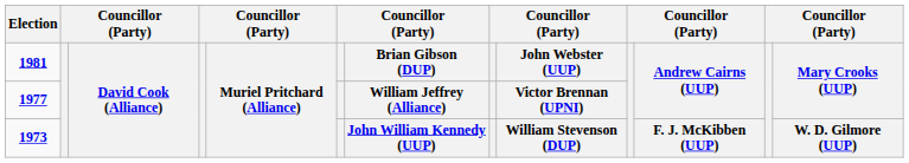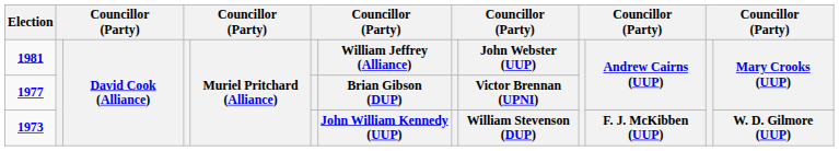 <table class="wikitable" style="text-align:center">
 <tr>
 <th scope="col" width="50">Election</th>
 <th scope="col" width="150" colspan = "2">Councillor<br> (Party)</th>
 <th scope="col" width="150" colspan = "2">Councillor<br> (Party)</th>
 <th scope="col" width="150" colspan = "2">Councillor<br> (Party)</th>
 <th scope="col" width="150" colspan = "2">Councillor<br> (Party)</th>
 <th scope="col" width="150" colspan = "2">Councillor<br> (Party)</th>
 <th scope="col" width="150" colspan = "2">Councillor<br> (Party)</th>
 </tr>
 <tr>
 <td><strong><a href='#'>1981</a></strong></td>
 <th rowspan="3" width="1" style="background-color: "></th>
 <th rowspan = "3"><a href='#'>David Cook</a> <br> (<a href='#'>Alliance</a>)</th>
 <th rowspan="3" width="1" style="background-color: "></th>
 <th rowspan = "3">Muriel Pritchard <br> (<a href='#'>Alliance</a>)</th>
 <th rowspan="1" width="1" style="background-color: "></th>
-<th rowspan = "1">Brian Gibson <br> (<a href='#'>DUP</a>)</th>
+<th rowspan = "1">William Jeffrey <br> (<a href='#'>Alliance</a>)</th>
 <th rowspan="1" width="1" style="background-color: "></th>
 <th rowspan = "1">John Webster <br> (<a href='#'>UUP</a>)</th>
 <th rowspan="3" width="1" style="background-color: "></th>
 <th rowspan = "2"><a href='#'>Andrew Cairns</a> <br> (<a href='#'>UUP</a>)</th>
 <th rowspan="3" width="1" style="background-color: "></th>
 <th rowspan = "2"><a href='#'>Mary Crooks</a> <br> (<a href='#'>UUP</a>)</th>
 </tr>
 <tr>
 <td><strong><a href='#'>1977</a></strong></td>
 <th rowspan="1" width="1" style="background-color: "></th>
-<th rowspan = "1">William Jeffrey <br> (<a href='#'>Alliance</a>)</th>
+<th rowspan = "1">Brian Gibson <br> (<a href='#'>DUP</a>)</th>
 <th rowspan="1" width="1" style="background-color: "></th>
 <th rowspan = "1">Victor Brennan <br> (<a href='#'>UPNI</a>)</th>
 </tr>
 <tr>
 <td><strong><a href='#'>1973</a></strong></td>
 <th rowspan="1" width="1" style="background-color: "></th>
 <th rowspan = "1"><a href='#'>John William Kennedy</a> <br> (<a href='#'>UUP</a>)</th>
 <th rowspan="1" width="1" style="background-color: "></th>
 <th rowspan = "1">William Stevenson <br> (<a href='#'>DUP</a>)</th>
 <th rowspan = "1">F. J. McKibben <br> (<a href='#'>UUP</a>)</th>
 <th rowspan = "1">W. D. Gilmore <br> (<a href='#'>UUP</a>)</th>
 </tr>
 </table>
